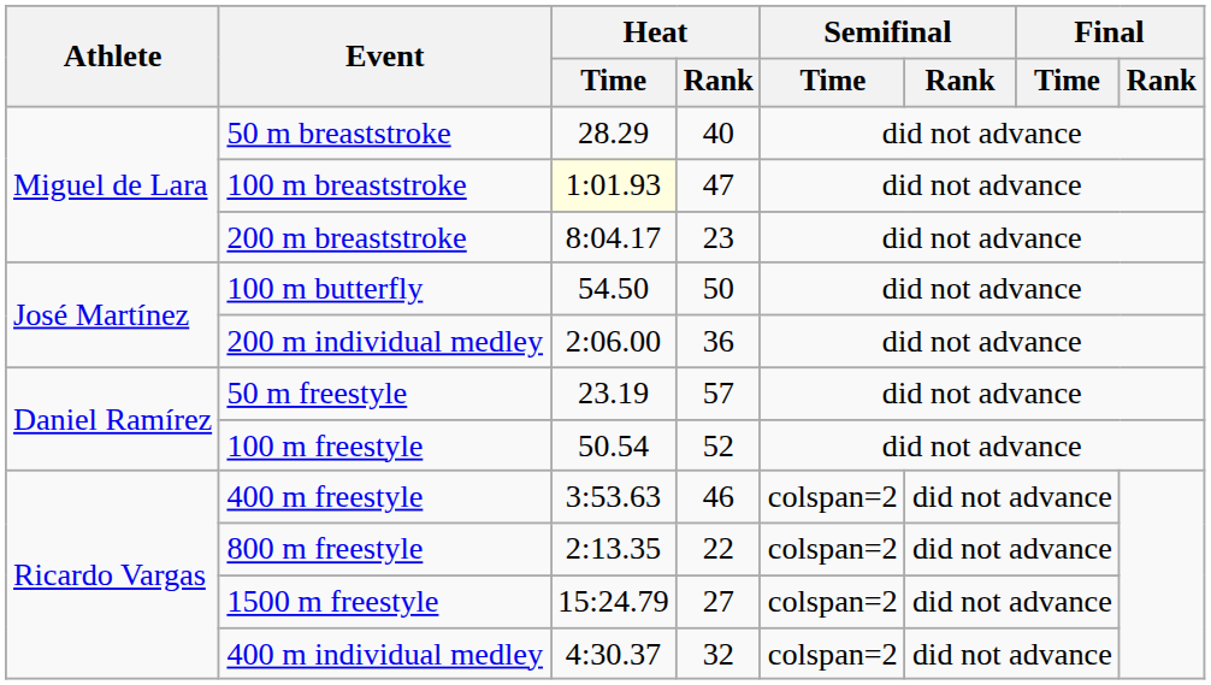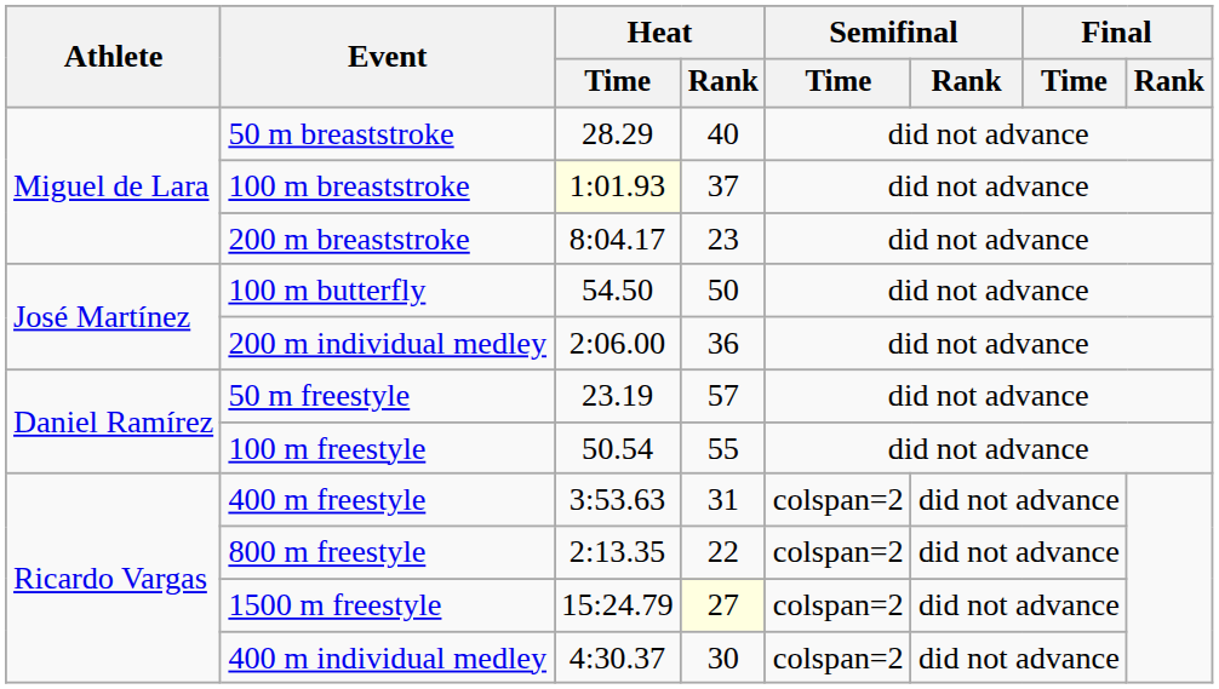 <table class=wikitable style="font-size:90%">
 <tr>
 <th rowspan="2">Athlete</th>
 <th rowspan="2">Event</th>
 <th colspan="2">Heat</th>
 <th colspan="2">Semifinal</th>
 <th colspan="2">Final</th>
 </tr>
 <tr style="font-size:95%">
 <th>Time</th>
 <th>Rank</th>
 <th>Time</th>
 <th>Rank</th>
 <th>Time</th>
 <th>Rank</th>
 </tr>
 <tr align=center>
 <td align=left rowspan=3><a href='#'>Miguel de Lara</a></td>
 <td align=left><a href='#'>50 m breaststroke</a></td>
 <td>28.29</td>
 <td>40</td>
 <td colspan=4>did not advance</td>
 </tr>
 <tr align=center>
 <td align=left><a href='#'>100 m breaststroke</a></td>
 <td style="background: lightyellow;">1:01.93</td>
-<td>47</td>
+<td>37</td>
 <td colspan=4>did not advance</td>
 </tr>
 <tr align=center>
 <td align=left><a href='#'>200 m breaststroke</a></td>
 <td>8:04.17</td>
 <td>23</td>
 <td colspan=4>did not advance</td>
 </tr>
 <tr align=center>
 <td align=left rowspan=2><a href='#'>José Martínez</a></td>
 <td align=left><a href='#'>100 m butterfly</a></td>
 <td>54.50</td>
 <td>50</td>
 <td colspan=4>did not advance</td>
 </tr>
 <tr align=center>
 <td align=left><a href='#'>200 m individual medley</a></td>
 <td>2:06.00</td>
 <td>36</td>
 <td colspan=4>did not advance</td>
 </tr>
 <tr align=center>
 <td align=left rowspan=2><a href='#'>Daniel Ramírez</a></td>
 <td align=left><a href='#'>50 m freestyle</a></td>
 <td>23.19</td>
 <td>57</td>
 <td colspan=4>did not advance</td>
 </tr>
 <tr align=center>
 <td align=left><a href='#'>100 m freestyle</a></td>
 <td>50.54</td>
-<td>52</td>
+<td>55</td>
 <td colspan=4>did not advance</td>
 </tr>
 <tr align=center>
 <td align=left rowspan=4><a href='#'>Ricardo Vargas</a></td>
 <td align=left><a href='#'>400 m freestyle</a></td>
 <td>3:53.63</td>
-<td>46</td>
+<td>31</td>
 <td>colspan=2 </td>
 <td colspan=2>did not advance</td>
 </tr>
 <tr align=center>
 <td align=left><a href='#'>800 m freestyle</a></td>
 <td>2:13.35</td>
 <td>22</td>
 <td>colspan=2 </td>
 <td colspan=2>did not advance</td>
 </tr>
 <tr align=center>
 <td align=left><a href='#'>1500 m freestyle</a></td>
 <td>15:24.79</td>
-<td>27</td>
+<td style="background: lightyellow;">27</td>
 <td>colspan=2 </td>
 <td colspan=2>did not advance</td>
 </tr>
 <tr align=center>
 <td align=left><a href='#'>400 m individual medley</a></td>
 <td>4:30.37</td>
-<td>32</td>
+<td>30</td>
 <td>colspan=2 </td>
 <td colspan=2>did not advance</td>
 </tr>
 </table>
